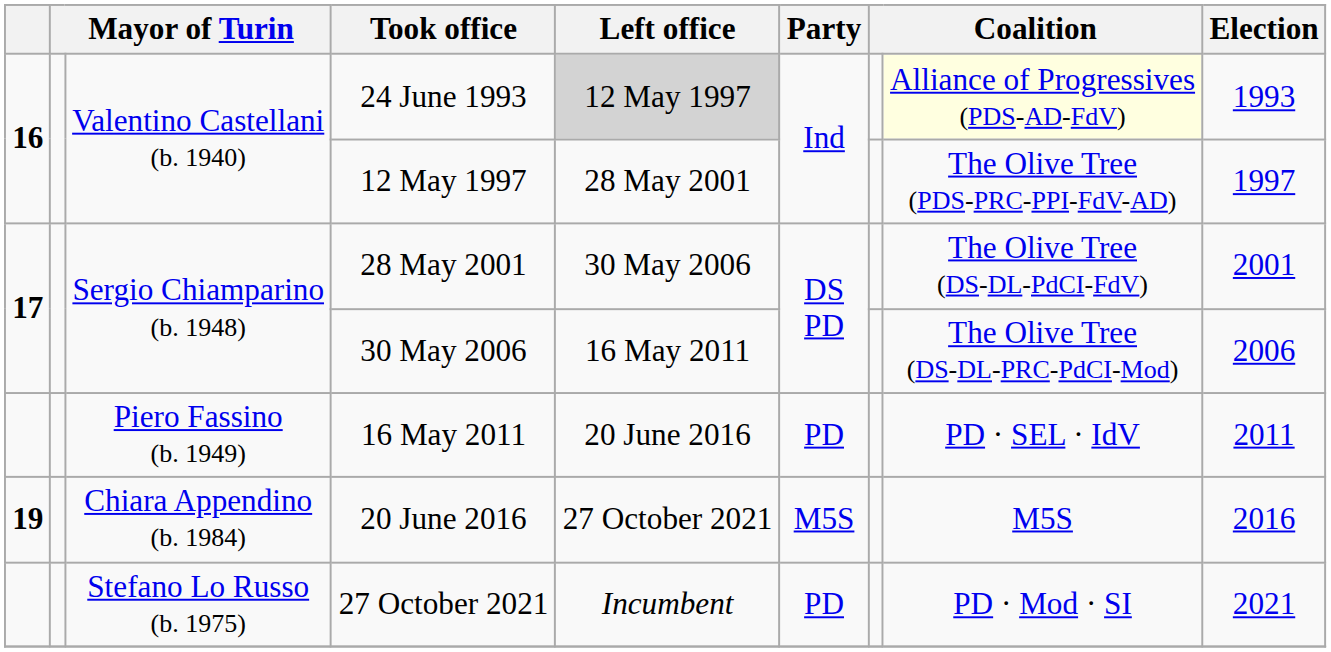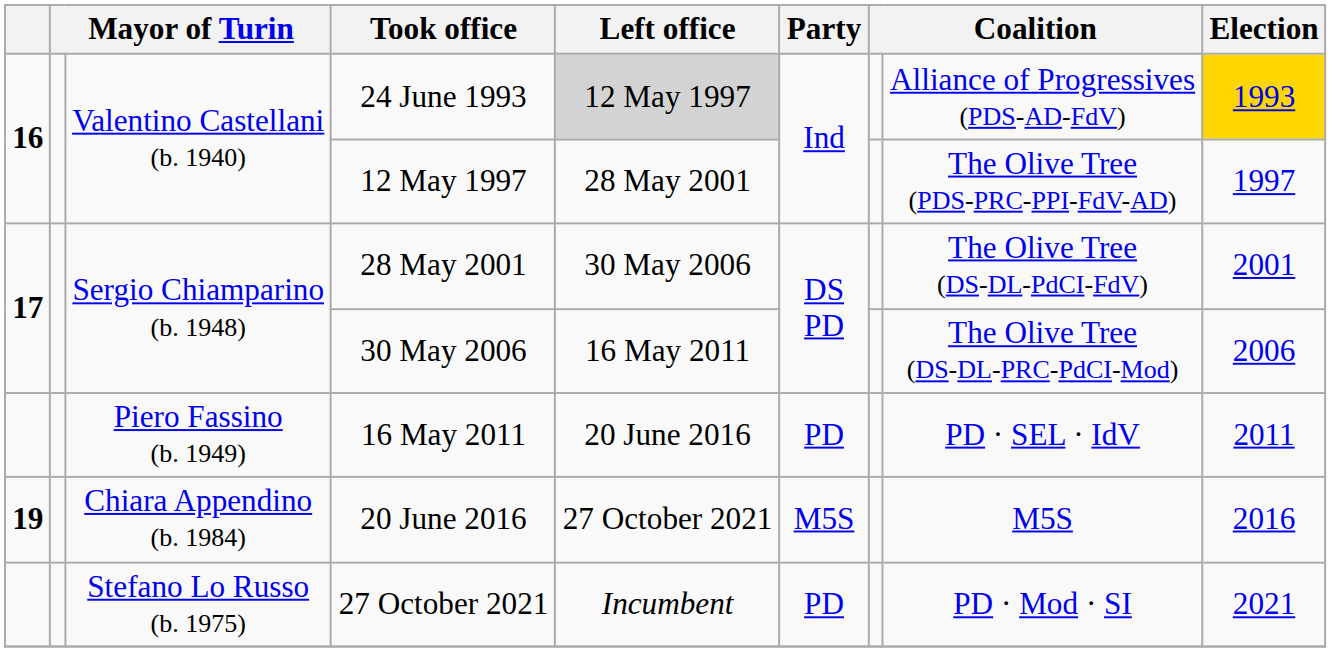 <table class="wikitable" style="text-align: center;">
 <tr>
 <th><br></th>
 <th colspan="2">Mayor of <a href='#'>Turin</a></th>
 <th>Took office</th>
 <th>Left office</th>
 <th>Party</th>
 <th colspan="2">Coalition</th>
 <th>Election</th>
 </tr>
 <tr>
 <td rowspan="2" style="background: "><strong>16</strong></td>
 <td rowspan="2"></td>
 <td rowspan="2"><a href='#'>Valentino Castellani</a><br><small>(b. 1940)</small></td>
 <td>24 June 1993</td>
 <td style="background: lightgrey;">12 May 1997</td>
 <td rowspan="2"><a href='#'>Ind</a></td>
 <td style="background: "></td>
-<td style="background: lightyellow;"><a href='#'>Alliance of Progressives</a><br><small>(<a href='#'>PDS</a>-<a href='#'>AD</a>-<a href='#'>FdV</a>)</small></td>
-<td><a href='#'>1993</a></td>
+<td><a href='#'>Alliance of Progressives</a><br><small>(<a href='#'>PDS</a>-<a href='#'>AD</a>-<a href='#'>FdV</a>)</small></td>
+<td style="background: gold;"><a href='#'>1993</a></td>
 </tr>
 <tr>
 <td>12 May 1997</td>
 <td>28 May 2001</td>
 <td style="background: "></td>
 <td><a href='#'>The Olive Tree</a><br><small>(<a href='#'>PDS</a>-<a href='#'>PRC</a>-<a href='#'>PPI</a>-<a href='#'>FdV</a>-<a href='#'>AD</a>)</small></td>
 <td><a href='#'>1997</a></td>
 </tr>
 <tr>
 <td rowspan="2" style="background: "><strong>17</strong></td>
 <td rowspan="2"></td>
 <td rowspan="2"><a href='#'>Sergio Chiamparino</a><br><small>(b. 1948)</small></td>
 <td>28 May 2001</td>
 <td>30 May 2006</td>
 <td rowspan="2"><a href='#'>DS</a><br><a href='#'>PD</a></td>
 <td style="background: "></td>
 <td><a href='#'>The Olive Tree</a><br><small>(<a href='#'>DS</a>-<a href='#'>DL</a>-<a href='#'>PdCI</a>-<a href='#'>FdV</a>)</small></td>
 <td><a href='#'>2001</a></td>
 </tr>
 <tr>
 <td>30 May 2006</td>
 <td>16 May 2011</td>
 <td style="background: "></td>
 <td><a href='#'>The Olive Tree</a><br><small>(<a href='#'>DS</a>-<a href='#'>DL</a>-<a href='#'>PRC</a>-<a href='#'>PdCI</a>-<a href='#'>Mod</a>)</small></td>
 <td><a href='#'>2006</a></td>
 </tr>
 <tr>
 <td style="background: "><strong></strong></td>
 <td></td>
 <td><a href='#'>Piero Fassino</a><br><small>(b. 1949)</small></td>
 <td>16 May 2011</td>
 <td>20 June 2016</td>
 <td><a href='#'>PD</a></td>
 <td style="background: "></td>
 <td><a href='#'>PD</a> · <a href='#'>SEL</a> · <a href='#'>IdV</a></td>
 <td><a href='#'>2011</a></td>
 </tr>
 <tr>
 <td style="background: "><strong>19</strong></td>
 <td></td>
 <td><a href='#'>Chiara Appendino</a><br><small>(b. 1984)</small></td>
 <td>20 June 2016</td>
 <td>27 October 2021</td>
 <td><a href='#'>M5S</a></td>
 <td style="background: "></td>
 <td><a href='#'>M5S</a></td>
 <td><a href='#'>2016</a></td>
 </tr>
 <tr>
 <td style="background: "><strong></strong></td>
 <td></td>
 <td><a href='#'>Stefano Lo Russo</a><br><small>(b. 1975)</small></td>
 <td>27 October 2021</td>
 <td><em>Incumbent</em></td>
 <td><a href='#'>PD</a></td>
 <td style="background: "></td>
 <td><a href='#'>PD</a> · <a href='#'>Mod</a> · <a href='#'>SI</a></td>
 <td><a href='#'>2021</a></td>
 </tr>
 <tr>
 </tr>
 </table>
